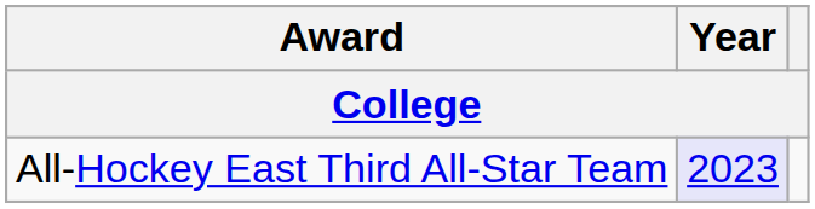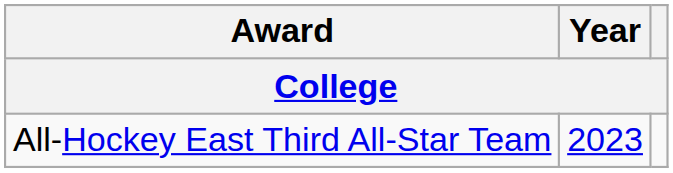 <table class="wikitable">
 <tr>
 <th>Award</th>
 <th>Year</th>
 <th></th>
 </tr>
 <tr>
 <th colspan="3"><a href='#'>College</a></th>
 </tr>
 <tr>
 <td>All-<a href='#'>Hockey East Third All-Star Team</a></td>
-<td style="background: lavender;"><a href='#'>2023</a></td>
+<td><a href='#'>2023</a></td>
 <td></td>
 </tr>
 </table>
